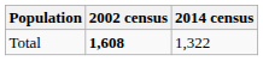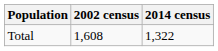 <table class="wikitable">
 <tr>
 <th>Population</th>
 <th>2002 census</th>
 <th>2014 census</th>
 </tr>
 <tr>
 <td>Total</td>
-<td><strong>1,608</strong></td>
+<td>1,608</td>
 <td>1,322</td>
 </tr>
 </table>
